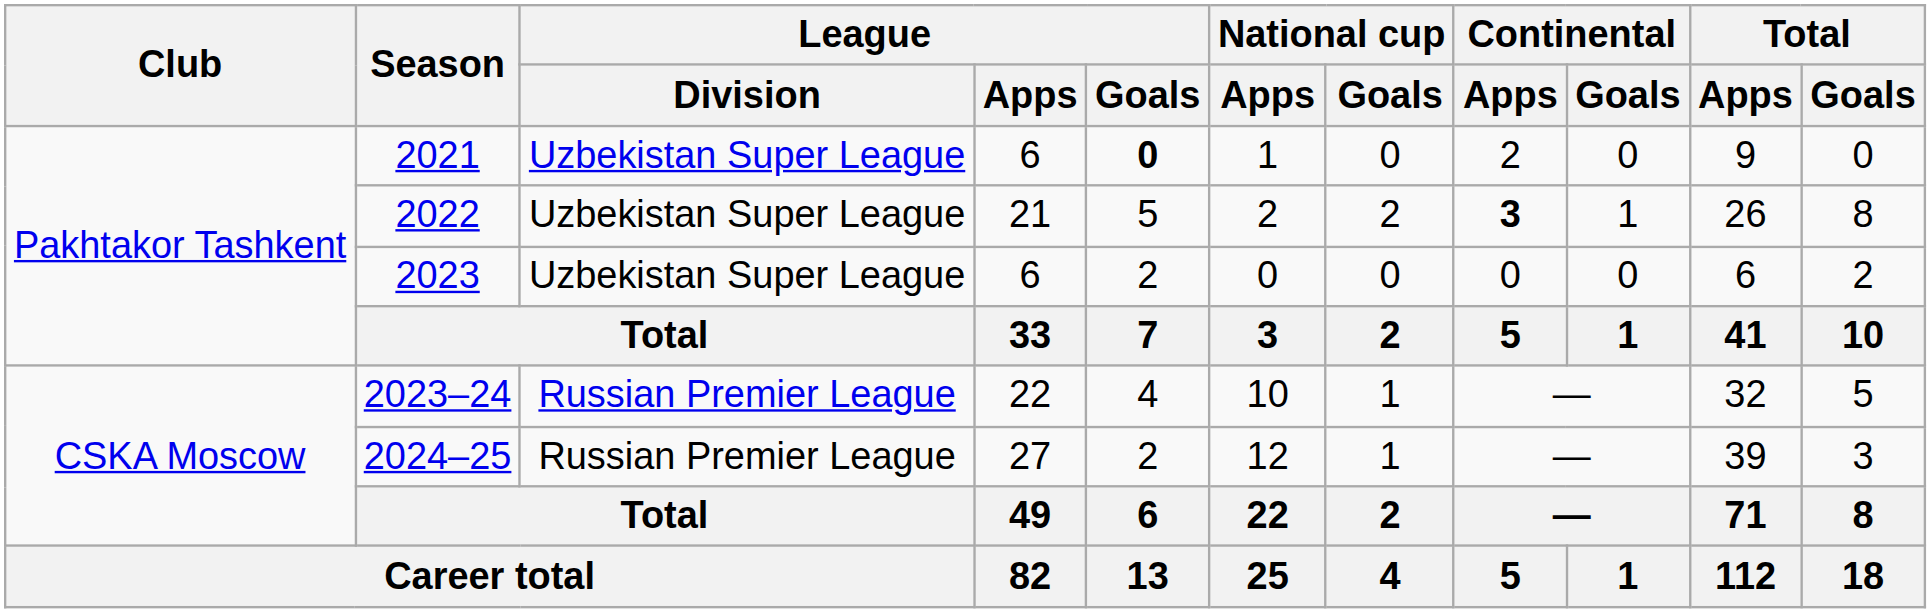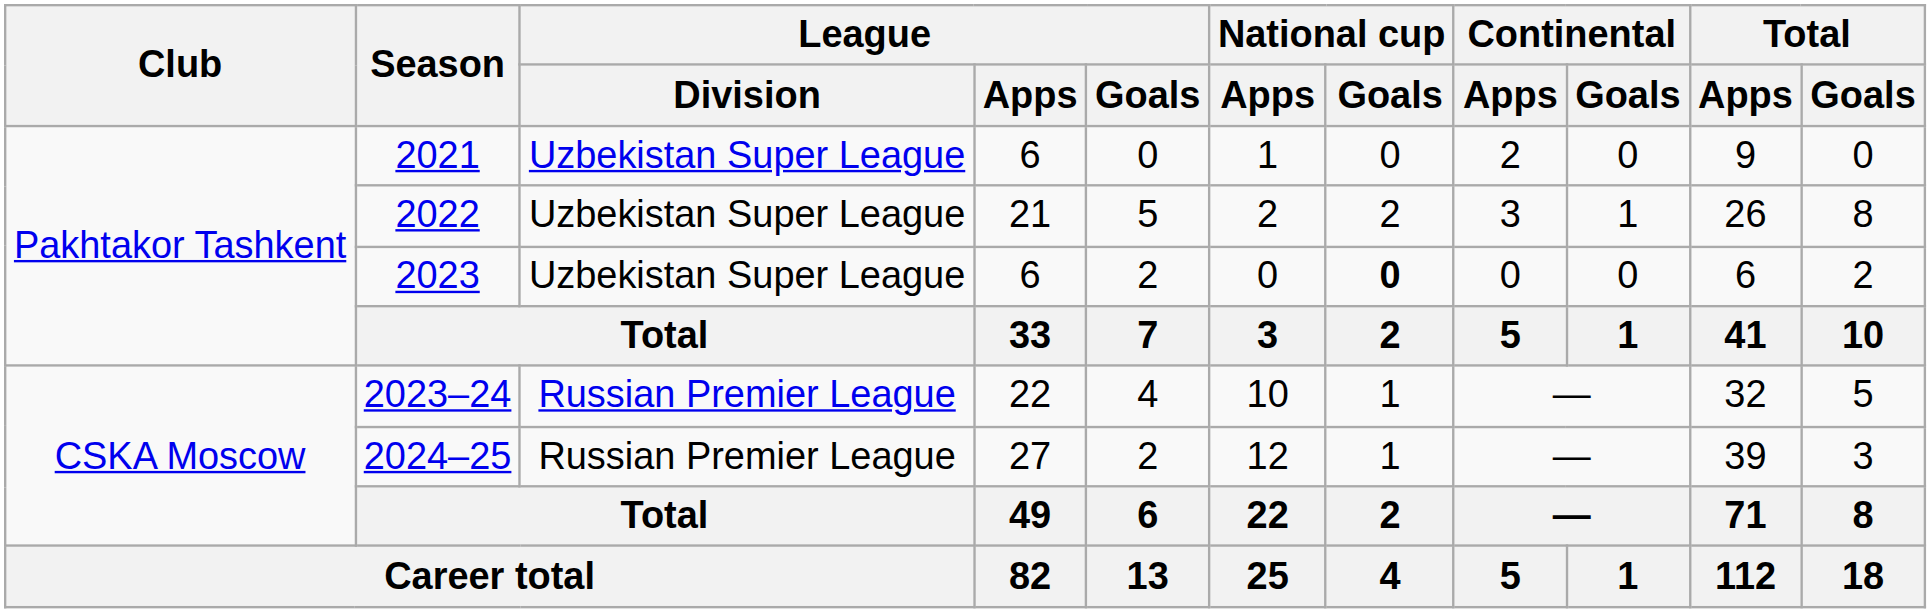 <table class=wikitable style=text-align:center>
 <tr>
 <th rowspan="2">Club</th>
 <th rowspan="2">Season</th>
 <th colspan="3">League</th>
 <th colspan="2">National cup</th>
 <th colspan="2">Continental</th>
 <th colspan="2">Total</th>
 </tr>
 <tr>
 <th>Division</th>
 <th>Apps</th>
 <th>Goals</th>
 <th>Apps</th>
 <th>Goals</th>
 <th>Apps</th>
 <th>Goals</th>
 <th>Apps</th>
 <th>Goals</th>
 </tr>
 <tr>
 <td rowspan=4><a href='#'>Pakhtakor Tashkent</a></td>
 <td><a href='#'>2021</a></td>
 <td><a href='#'>Uzbekistan Super League</a></td>
 <td>6</td>
-<td><strong>0</strong></td>
+<td>0</td>
 <td>1</td>
 <td>0</td>
 <td>2</td>
 <td>0</td>
 <td>9</td>
 <td>0</td>
 </tr>
 <tr>
 <td><a href='#'>2022</a></td>
 <td>Uzbekistan Super League</td>
 <td>21</td>
 <td>5</td>
 <td>2</td>
 <td>2</td>
-<td><strong>3</strong></td>
+<td>3</td>
 <td>1</td>
 <td>26</td>
 <td>8</td>
 </tr>
 <tr>
 <td><a href='#'>2023</a></td>
 <td>Uzbekistan Super League</td>
 <td>6</td>
 <td>2</td>
 <td>0</td>
-<td>0</td>
+<td><strong>0</strong></td>
 <td>0</td>
 <td>0</td>
 <td>6</td>
 <td>2</td>
 </tr>
 <tr>
 <th colspan="2">Total</th>
 <th>33</th>
 <th>7</th>
 <th>3</th>
 <th>2</th>
 <th>5</th>
 <th>1</th>
 <th>41</th>
 <th>10</th>
 </tr>
 <tr>
 <td rowspan="3"><a href='#'>CSKA Moscow</a></td>
 <td><a href='#'>2023–24</a></td>
 <td><a href='#'>Russian Premier League</a></td>
 <td>22</td>
 <td>4</td>
 <td>10</td>
 <td>1</td>
 <td colspan="2">—</td>
 <td>32</td>
 <td>5</td>
 </tr>
 <tr>
 <td><a href='#'>2024–25</a></td>
 <td>Russian Premier League</td>
 <td>27</td>
 <td>2</td>
 <td>12</td>
 <td>1</td>
 <td colspan="2">—</td>
 <td>39</td>
 <td>3</td>
 </tr>
 <tr>
 <th colspan="2">Total</th>
 <th>49</th>
 <th>6</th>
 <th>22</th>
 <th>2</th>
 <th colspan="2">—</th>
 <th>71</th>
 <th>8</th>
 </tr>
 <tr>
 <th colspan="3">Career total</th>
 <th>82</th>
 <th>13</th>
 <th>25</th>
 <th>4</th>
 <th>5</th>
 <th>1</th>
 <th>112</th>
 <th>18</th>
 </tr>
 </table>
